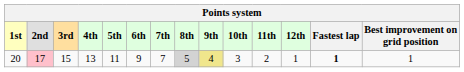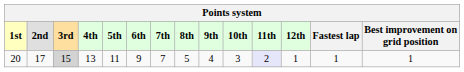 <table class="wikitable" style="font-size:90%; text-align:center">
 <tr>
 <th colspan="22">Points system</th>
 </tr>
 <tr>
 <td style="background:#ffffbf;"> <strong>1st</strong> </td>
 <td style="background:#dfdfdf;"> <strong>2nd</strong> </td>
 <td style="background:#ffdf9f;"> <strong>3rd</strong> </td>
 <td style="background:#dfffdf;"> <strong>4th</strong> </td>
 <td style="background:#dfffdf;"> <strong>5th</strong> </td>
 <td style="background:#dfffdf;"> <strong>6th</strong> </td>
 <td style="background:#dfffdf;"> <strong>7th</strong> </td>
 <td style="background:#dfffdf;"> <strong>8th</strong> </td>
 <td style="background:#dfffdf;"> <strong>9th</strong> </td>
 <td style="background:#dfffdf;"> <strong>10th</strong> </td>
 <td style="background:#dfffdf;"> <strong>11th</strong> </td>
 <td style="background:#dfffdf;"> <strong>12th</strong> </td>
 <th>Fastest lap</th>
 <th>Best improvement on<br>grid position</th>
 </tr>
 <tr>
 <td>20</td>
-<td style="background: pink;">17</td>
-<td>15</td>
+<td>17</td>
+<td style="background: lightgrey;">15</td>
 <td>13</td>
 <td>11</td>
 <td>9</td>
 <td>7</td>
-<td style="background: lightgrey;">5</td>
-<td style="background: khaki;">4</td>
+<td>5</td>
+<td>4</td>
 <td>3</td>
-<td>2</td>
+<td style="background: lavender;">2</td>
 <td>1</td>
-<td><strong>1</strong></td>
+<td>1</td>
 <td>1</td>
 </tr>
 </table>
